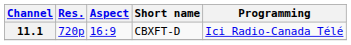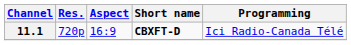 <table class="wikitable">
 <tr>
 <th scope = "col"><a href='#'>Channel</a></th>
 <th scope = "col"><a href='#'>Res.</a></th>
 <th scope = "col"><a href='#'>Aspect</a></th>
 <th scope = "col">Short name</th>
 <th scope = "col">Programming</th>
 </tr>
 <tr>
 <th scope = "col">11.1</th>
 <td><a href='#'>720p</a></td>
 <td><a href='#'>16:9</a></td>
-<td>CBXFT-D</td>
+<td><strong>CBXFT-D</strong></td>
 <td><a href='#'>Ici Radio-Canada Télé</a></td>
 </tr>
 <tr>
 </tr>
 </table>
